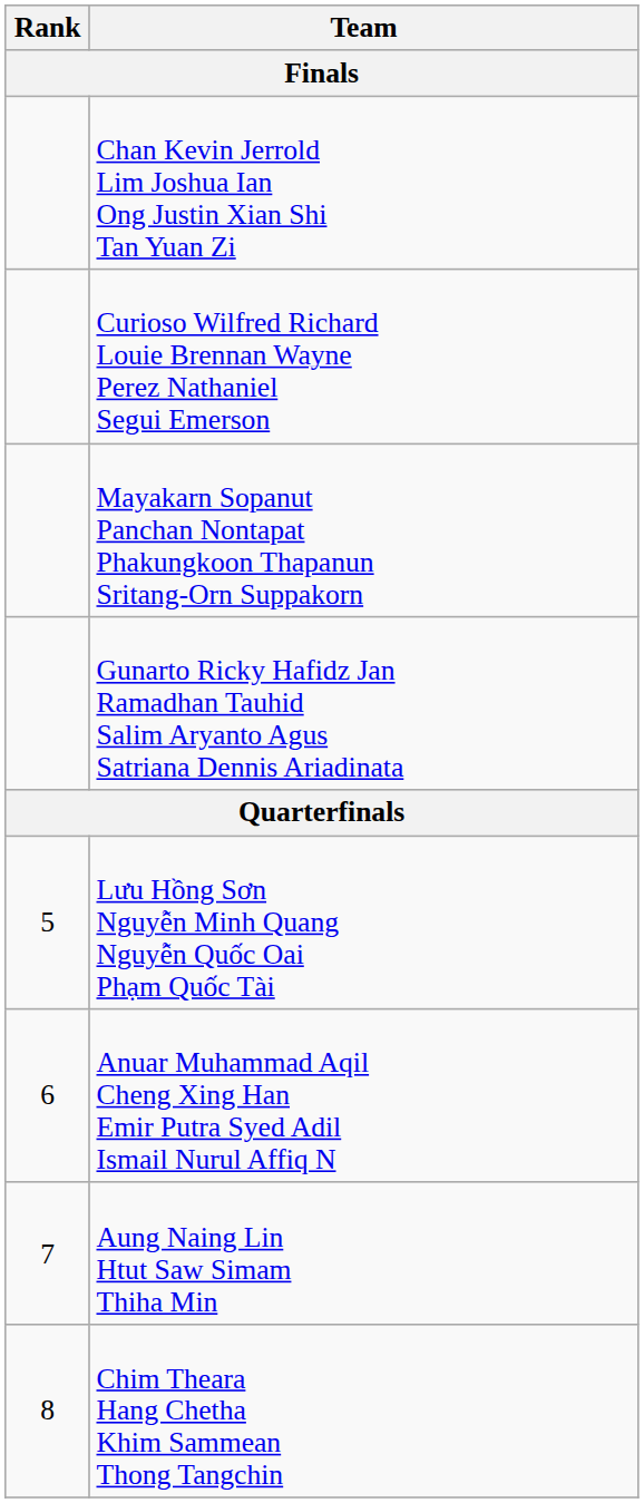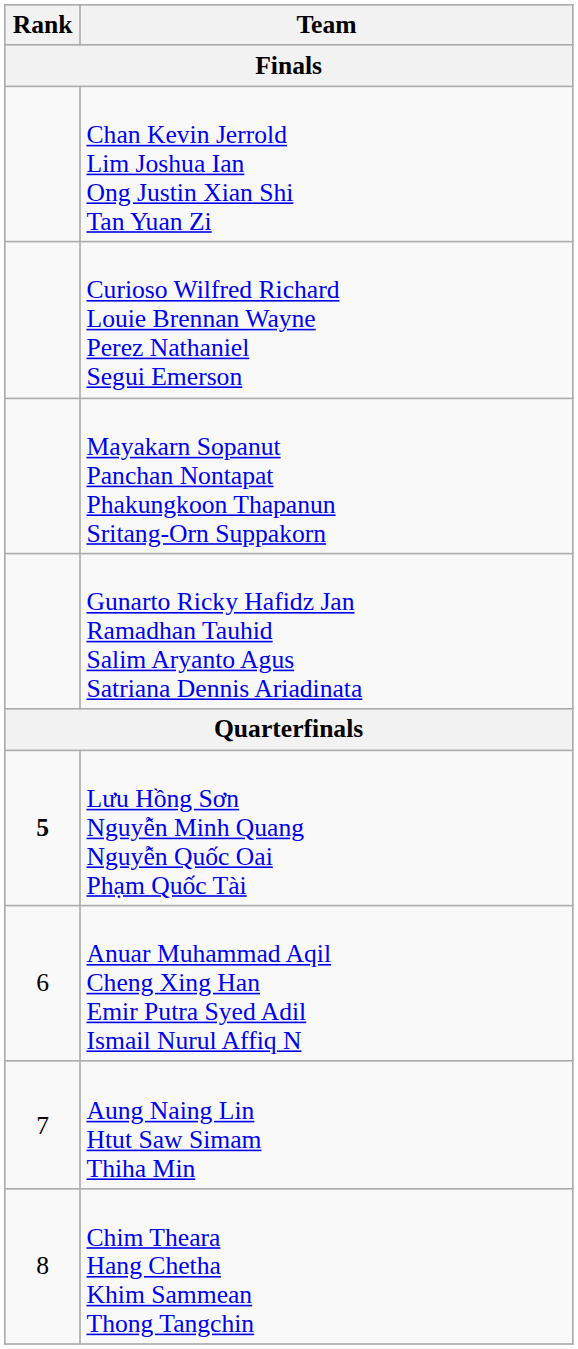 <table class="wikitable" style="text-align:center;">
 <tr>
 <th width=40>Rank</th>
 <th width=300>Team</th>
 </tr>
 <tr>
 <th colspan="2">Finals</th>
 </tr>
 <tr>
 <td></td>
 <td align=left><br><a href='#'>Chan Kevin Jerrold</a><br><a href='#'>Lim Joshua Ian</a><br><a href='#'>Ong Justin Xian Shi</a><br><a href='#'>Tan Yuan Zi</a></td>
 </tr>
 <tr>
 <td></td>
 <td align=left><br><a href='#'>Curioso Wilfred Richard</a><br><a href='#'>Louie Brennan Wayne</a><br><a href='#'>Perez Nathaniel</a><br><a href='#'>Segui Emerson</a></td>
 </tr>
 <tr>
 <td></td>
 <td align=left><br><a href='#'>Mayakarn Sopanut</a><br><a href='#'>Panchan Nontapat</a><br><a href='#'>Phakungkoon Thapanun</a><br><a href='#'>Sritang-Orn Suppakorn</a></td>
 </tr>
 <tr>
 <td></td>
 <td align=left><br><a href='#'>Gunarto Ricky Hafidz Jan</a><br><a href='#'>Ramadhan Tauhid</a><br><a href='#'>Salim Aryanto Agus</a><br><a href='#'>Satriana Dennis Ariadinata</a></td>
 </tr>
 <tr>
 <th colspan="2">Quarterfinals</th>
 </tr>
 <tr>
-<td>5</td>
+<td><strong>5</strong></td>
 <td align=left><br><a href='#'>Lưu Hồng Sơn</a><br><a href='#'>Nguyễn Minh Quang</a><br><a href='#'>Nguyễn Quốc Oai</a><br><a href='#'>Phạm Quốc Tài</a></td>
 </tr>
 <tr>
 <td>6</td>
 <td align=left><br><a href='#'>Anuar Muhammad Aqil</a><br><a href='#'>Cheng Xing Han</a><br><a href='#'>Emir Putra Syed Adil</a><br><a href='#'>Ismail Nurul Affiq N</a></td>
 </tr>
 <tr>
 <td>7</td>
 <td align=left><br><a href='#'>Aung Naing Lin</a><br><a href='#'>Htut Saw Simam</a><br><a href='#'>Thiha Min</a></td>
 </tr>
 <tr>
 <td>8</td>
 <td align=left><br><a href='#'>Chim Theara</a><br><a href='#'>Hang Chetha</a><br><a href='#'>Khim Sammean</a><br><a href='#'>Thong Tangchin</a></td>
 </tr>
 </table>
